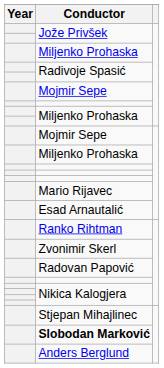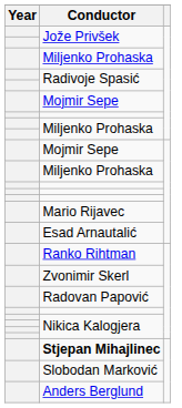 <table class="wikitable plainrowheaders">
 <tr>
 </tr>
 <tr>
 <th scope="col">Year</th>
 <th scope="col">Conductor</th>
 <th scope="col"></th>
 </tr>
 <tr>
 <th scope="row"></th>
 <td rowspan="2"><a href='#'>Jože Privšek</a></td>
 <td rowspan="9" style="text-align: center"></td>
 </tr>
 <tr>
 <th scope="row"></th>
 </tr>
 <tr>
 <th scope="row"></th>
 <td><a href='#'>Miljenko Prohaska</a></td>
 </tr>
 <tr>
 <th scope="row"></th>
 <td rowspan="2">Radivoje Spasić</td>
 </tr>
 <tr>
 <th scope="row"></th>
 </tr>
 <tr>
 <th scope="row"></th>
 <td><a href='#'>Mojmir Sepe</a></td>
 </tr>
 <tr>
 <th scope="row"></th>
 <td></td>
 </tr>
 <tr>
 <th scope="row"></th>
 <td rowspan="2">Miljenko Prohaska</td>
 </tr>
 <tr>
 <th scope="row"></th>
 </tr>
 <tr>
 <th scope="row"></th>
 <td>Mojmir Sepe</td>
 <td rowspan="7" style="text-align: center"></td>
 </tr>
 <tr>
 <th scope="row"></th>
 <td>Miljenko Prohaska</td>
 </tr>
 <tr>
 <th scope="row"></th>
 <td></td>
 </tr>
 <tr>
 <th scope="row"></th>
 <td></td>
 </tr>
 <tr>
 <th scope="row"></th>
 <td></td>
 </tr>
 <tr>
 <th scope="row"></th>
 <td>Mario Rijavec</td>
 </tr>
 <tr>
 <th scope="row"></th>
 <td>Esad Arnautalić</td>
 </tr>
 <tr>
 <th scope="row"></th>
 <td><a href='#'>Ranko Rihtman</a></td>
 <td rowspan="8" style="text-align: center"></td>
 </tr>
 <tr>
 <th scope="row"></th>
 <td>Zvonimir Skerl</td>
 </tr>
 <tr>
 <th scope="row"></th>
 <td>Radovan Papović</td>
 </tr>
 <tr>
 <th scope="row"></th>
 <td></td>
 </tr>
 <tr>
 <th scope="row"></th>
 <td rowspan="4">Nikica Kalogjera</td>
 </tr>
 <tr>
 <th scope="row"></th>
 </tr>
 <tr>
 <th scope="row"></th>
 </tr>
 <tr>
 <th scope="row"></th>
 </tr>
 <tr>
 <th scope="row"></th>
-<td>Stjepan Mihajlinec</td>
+<td><strong>Stjepan Mihajlinec</strong></td>
 <td rowspan="3" style="text-align: center"></td>
 </tr>
 <tr>
 <th scope="row"></th>
-<td><strong>Slobodan Marković</strong></td>
+<td>Slobodan Marković</td>
 </tr>
 <tr>
 <th scope="row"></th>
 <td><a href='#'>Anders Berglund</a></td>
 </tr>
 </table>
